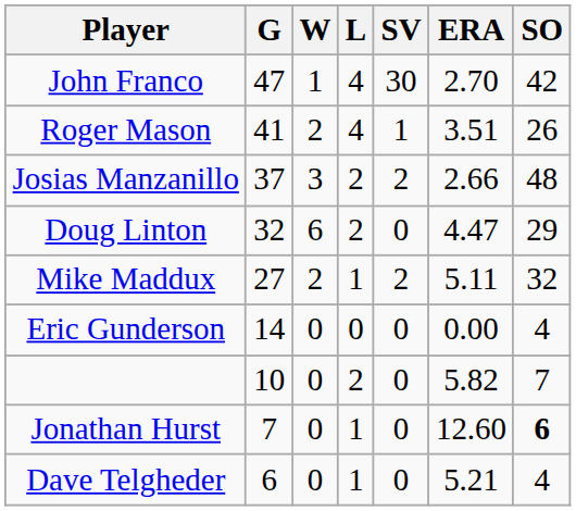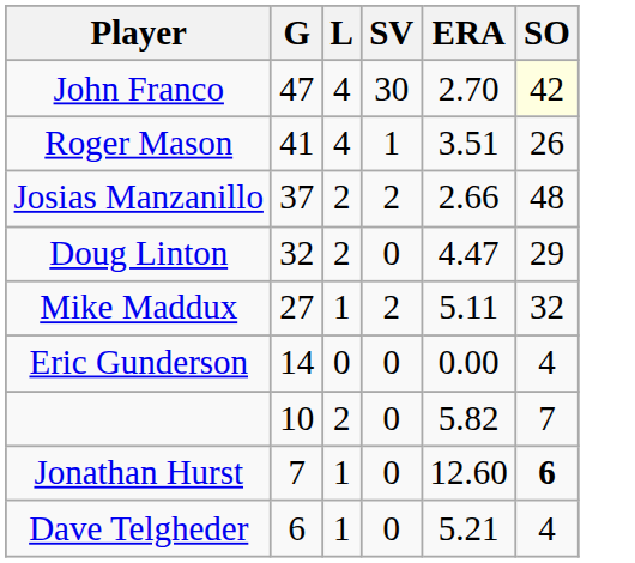 <table class="wikitable sortable">
 <tr>
 <th>Player</th>
 <th>G</th>
-<th>W</th>
 <th>L</th>
 <th>SV</th>
 <th>ERA</th>
 <th>SO</th>
 </tr>
 <tr align="center">
 <td><a href='#'>John Franco</a></td>
 <td>47</td>
-<td>1</td>
 <td>4</td>
 <td>30</td>
 <td>2.70</td>
-<td>42</td>
+<td style="background: lightyellow;">42</td>
 </tr>
 <tr align=center>
 <td><a href='#'>Roger Mason</a></td>
 <td>41</td>
-<td>2</td>
 <td>4</td>
 <td>1</td>
 <td>3.51</td>
 <td>26</td>
 </tr>
 <tr align=center>
 <td><a href='#'>Josias Manzanillo</a></td>
 <td>37</td>
-<td>3</td>
 <td>2</td>
 <td>2</td>
 <td>2.66</td>
 <td>48</td>
 </tr>
 <tr align=center>
 <td><a href='#'>Doug Linton</a></td>
 <td>32</td>
-<td>6</td>
 <td>2</td>
 <td>0</td>
 <td>4.47</td>
 <td>29</td>
 </tr>
 <tr align=center>
 <td><a href='#'>Mike Maddux</a></td>
 <td>27</td>
-<td>2</td>
 <td>1</td>
 <td>2</td>
 <td>5.11</td>
 <td>32</td>
 </tr>
 <tr align=center>
 <td><a href='#'>Eric Gunderson</a></td>
 <td>14</td>
 <td>0</td>
 <td>0</td>
-<td>0</td>
 <td>0.00</td>
 <td>4</td>
 </tr>
 <tr align=center>
 <td></td>
 <td>10</td>
-<td>0</td>
 <td>2</td>
 <td>0</td>
 <td>5.82</td>
 <td>7</td>
 </tr>
 <tr align="center">
 <td><a href='#'>Jonathan Hurst</a></td>
 <td>7</td>
-<td>0</td>
 <td>1</td>
 <td>0</td>
 <td>12.60</td>
 <td><strong>6</strong></td>
 </tr>
 <tr align=center>
 <td><a href='#'>Dave Telgheder</a></td>
 <td>6</td>
-<td>0</td>
 <td>1</td>
 <td>0</td>
 <td>5.21</td>
 <td>4</td>
 </tr>
 </table>
